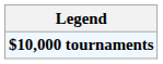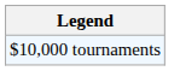 <table class="wikitable" style="font-size:90%;">
 <tr>
 <th>Legend</th>
 </tr>
 <tr style="background:#f0f8ff;">
-<td><strong>$10,000 tournaments</strong></td>
+<td>$10,000 tournaments</td>
 </tr>
 </table>
